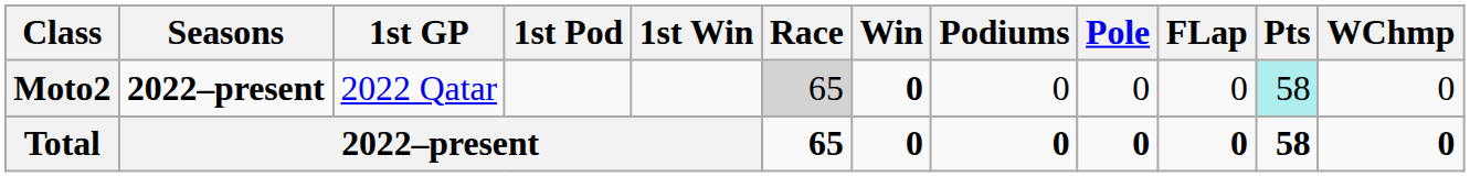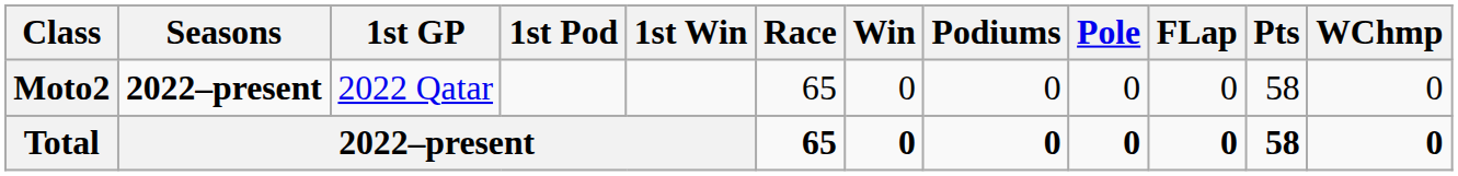 <table class="wikitable" style="text-align:right;">
 <tr>
 <th>Class</th>
 <th>Seasons</th>
 <th>1st GP</th>
 <th>1st Pod</th>
 <th>1st Win</th>
 <th>Race</th>
 <th>Win</th>
 <th>Podiums</th>
 <th><a href='#'>Pole</a></th>
 <th>FLap</th>
 <th>Pts</th>
 <th>WChmp</th>
 </tr>
 <tr>
 <th>Moto2</th>
 <td><strong>2022–present</strong></td>
 <td style="text-align:left;"><a href='#'>2022 Qatar</a></td>
 <td style="text-align:left;"></td>
 <td style="text-align:left;"></td>
-<td style="background: lightgrey;">65</td>
-<td><strong>0</strong></td>
+<td>65</td>
 <td>0</td>
 <td>0</td>
 <td>0</td>
-<td style="background: paleturquoise;">58</td>
+<td>0</td>
+<td>58</td>
 <td>0</td>
 </tr>
 <tr>
 <th>Total</th>
 <th colspan="4">2022–present</th>
 <td><strong>65</strong></td>
 <td><strong>0</strong></td>
 <td><strong>0</strong></td>
 <td><strong>0</strong></td>
 <td><strong>0</strong></td>
 <td><strong>58</strong></td>
 <td><strong>0</strong></td>
 </tr>
 </table>
